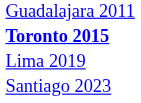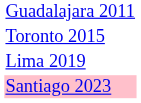 <table>
 <tr>
 <td><a href='#'>Guadalajara 2011</a></td>
 <td></td>
 <td></td>
 <td></td>
 </tr>
 <tr>
-<td><strong><a href='#'>Toronto 2015</a></strong></td>
+<td><a href='#'>Toronto 2015</a></td>
 <td></td>
 <td></td>
 <td></td>
 </tr>
 <tr>
 <td><a href='#'>Lima 2019</a></td>
 <td></td>
 <td></td>
 <td></td>
 </tr>
 <tr>
-<td><a href='#'>Santiago 2023</a></td>
+<td style="background: pink;"><a href='#'>Santiago 2023</a></td>
 <td></td>
 <td></td>
 <td></td>
 </tr>
 </table>
